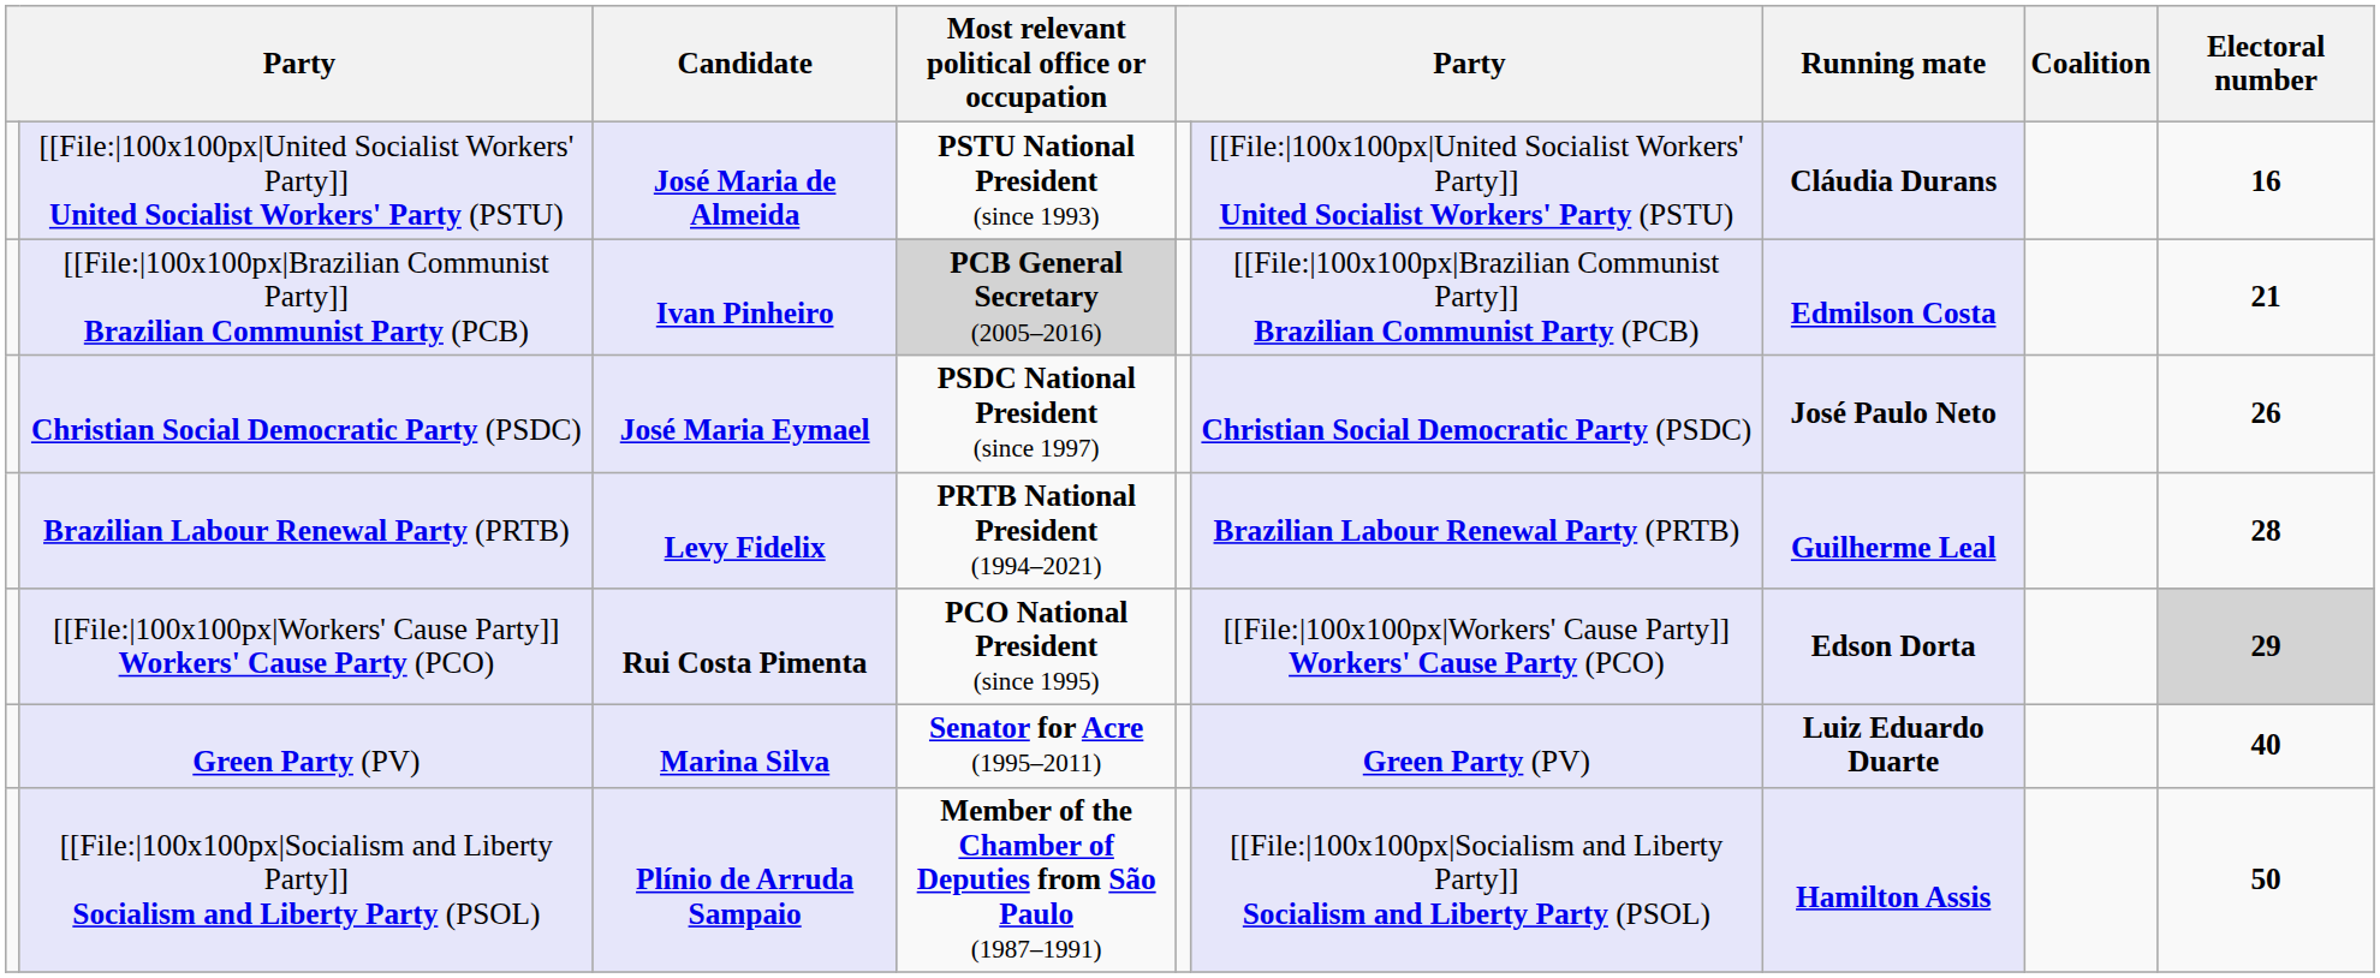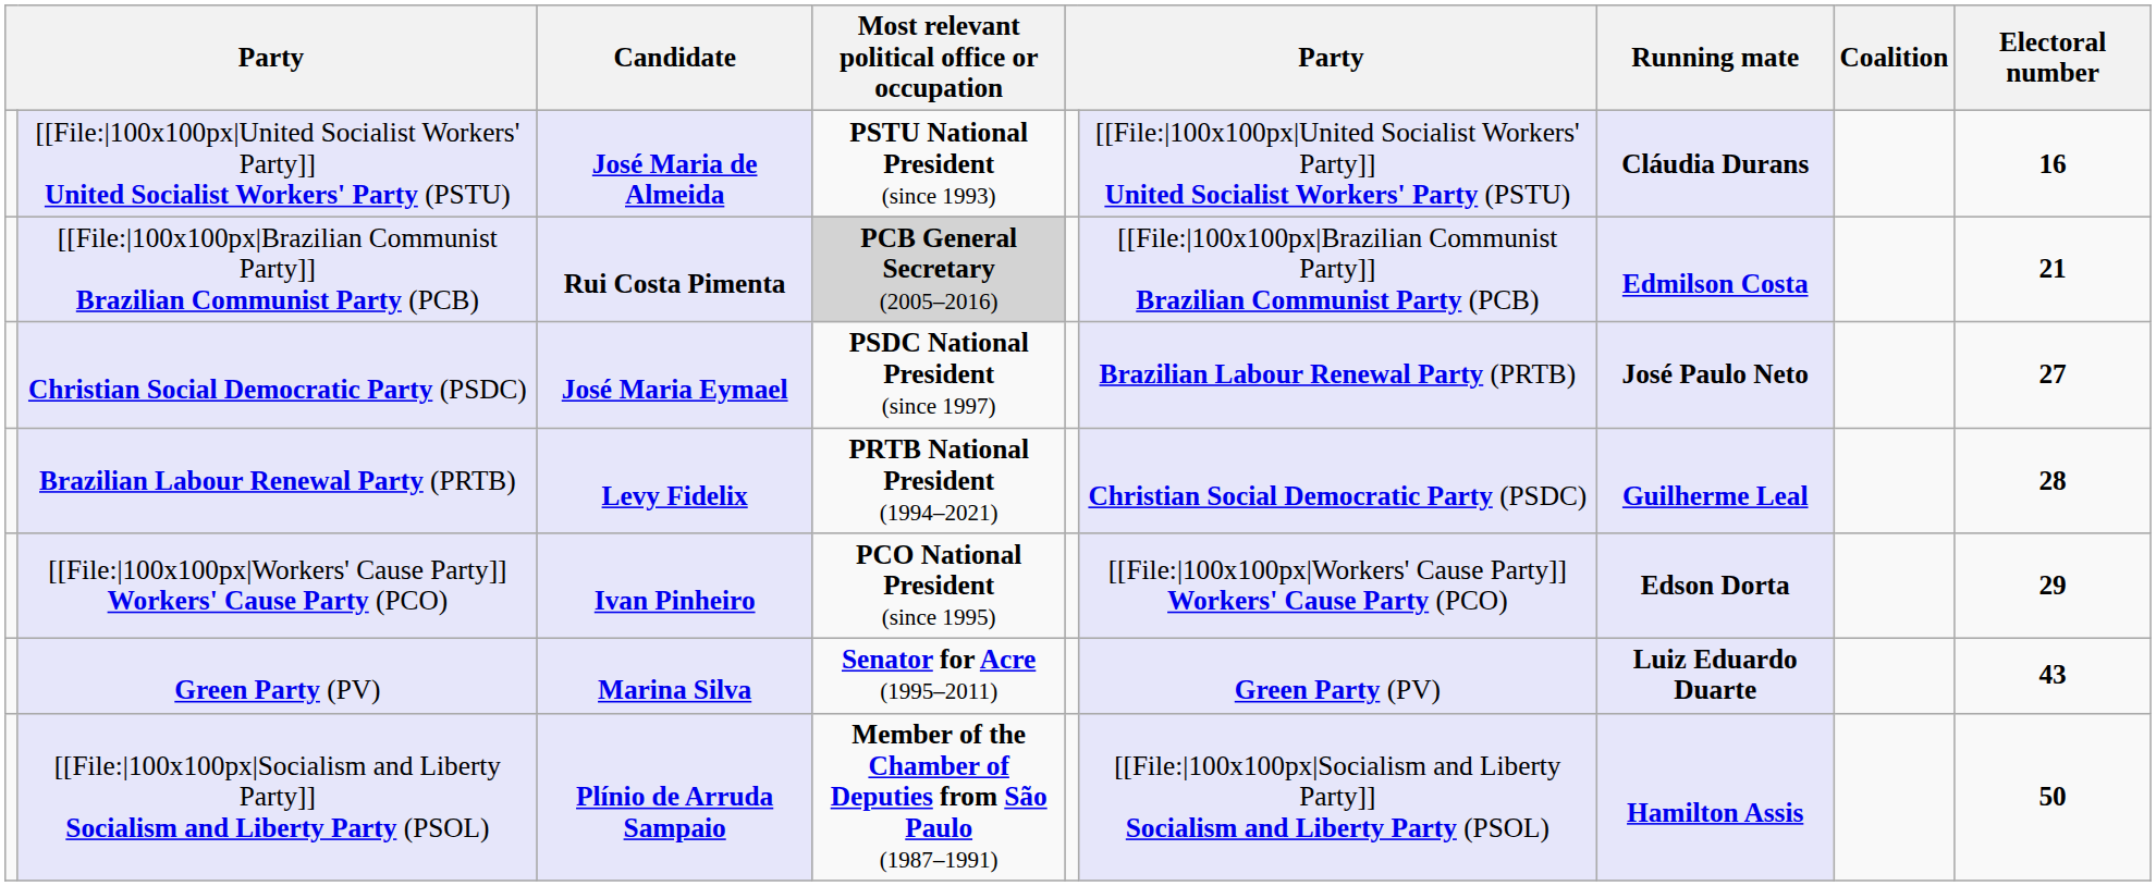 <table class="wikitable" style="text-align:center">
 <tr>
 <th colspan="2">Party</th>
 <th>Candidate</th>
 <th style="max-width:10em">Most relevant political office or occupation</th>
 <th colspan="2">Party</th>
 <th>Running mate</th>
 <th>Coalition</th>
 <th>Electoral number</th>
 </tr>
 <tr>
 <td style="background:"></td>
 <td style="background:lavender;" max-width:150px>[[File:|100x100px|United Socialist Workers' Party]]<br><strong><a href='#'>United Socialist Workers' Party</a></strong> (PSTU)</td>
 <td style="background:lavender;" max-width:150px><br><strong><a href='#'>José Maria de Almeida</a></strong></td>
 <td style="max-width:10em"><strong>PSTU National President</strong><br><small>(since 1993)</small></td>
 <td style="background:"></td>
 <td style="background:lavender;" max-width:150px>[[File:|100x100px|United Socialist Workers' Party]]<br><strong><a href='#'>United Socialist Workers' Party</a></strong> (PSTU)</td>
 <td style="background:lavender;" max-width:150px><strong>Cláudia Durans</strong></td>
 <td></td>
 <td><strong>16</strong></td>
 </tr>
 <tr>
 <td style="background:"></td>
 <td style="background:lavender;" max-width:150px>[[File:|100x100px|Brazilian Communist Party]]<br><strong><a href='#'>Brazilian Communist Party</a></strong> (PCB)</td>
-<td style="background:lavender;" max-width:150px><br><strong><a href='#'>Ivan Pinheiro</a></strong></td>
+<td style="background:lavender;" max-width:150px><br><strong>Rui Costa Pimenta</strong></td>
 <td style="background: lightgrey; max-width:10em"><strong>PCB General Secretary</strong><br><small>(2005–2016)</small></td>
 <td style="background:"></td>
 <td style="background:lavender;" max-width:150px>[[File:|100x100px|Brazilian Communist Party]]<br><strong><a href='#'>Brazilian Communist Party</a></strong> (PCB)</td>
 <td style="background:lavender;" max-width:150px><br><strong><a href='#'>Edmilson Costa</a></strong></td>
 <td></td>
 <td><strong>21</strong></td>
 </tr>
 <tr>
 <td style="background:"></td>
 <td style="background:lavender;" max-width:150px><br><strong><a href='#'>Christian Social Democratic Party</a></strong> (PSDC)</td>
 <td style="background:lavender;" max-width:150px><br><strong><a href='#'>José Maria Eymael</a></strong></td>
 <td style="max-width:10em"><strong>PSDC National President</strong><br><small>(since 1997)</small></td>
 <td style="background:"></td>
-<td style="background:lavender;" max-width:150px><br><strong><a href='#'>Christian Social Democratic Party</a></strong> (PSDC)</td>
+<td style="background:lavender;" max-width:150px><strong><a href='#'>Brazilian Labour Renewal Party</a></strong> (PRTB)</td>
 <td style="background:lavender;" max-width:150px><strong>José Paulo Neto</strong></td>
 <td></td>
-<td><strong>26</strong></td>
+<td><strong>27</strong></td>
 </tr>
 <tr>
 <td style="background:"></td>
 <td style="background:lavender;" max-width:150px><strong><a href='#'>Brazilian Labour Renewal Party</a></strong> (PRTB)</td>
 <td style="background:lavender;" max-width:150px><br><strong><a href='#'>Levy Fidelix</a></strong></td>
 <td style="max-width:10em"><strong>PRTB National President</strong><br><small>(1994–2021)</small></td>
 <td style="background:"></td>
-<td style="background:lavender;" max-width:150px><strong><a href='#'>Brazilian Labour Renewal Party</a></strong> (PRTB)</td>
+<td style="background:lavender;" max-width:150px><br><strong><a href='#'>Christian Social Democratic Party</a></strong> (PSDC)</td>
 <td style="background:lavender;" max-width:150px><br><strong><a href='#'>Guilherme Leal</a></strong></td>
 <td></td>
 <td><strong>28</strong></td>
 </tr>
 <tr>
 <td style="background:"></td>
 <td style="background:lavender;" max-width:150px>[[File:|100x100px|Workers' Cause Party]]<br><strong><a href='#'>Workers' Cause Party</a></strong> (PCO)</td>
-<td style="background:lavender;" max-width:150px><br><strong>Rui Costa Pimenta</strong></td>
+<td style="background:lavender;" max-width:150px><br><strong><a href='#'>Ivan Pinheiro</a></strong></td>
 <td style="max-width:10em"><strong>PCO National President</strong><br><small>(since 1995)</small></td>
 <td style="background:"></td>
 <td style="background:lavender;" max-width:150px>[[File:|100x100px|Workers' Cause Party]]<br><strong><a href='#'>Workers' Cause Party</a></strong> (PCO)</td>
 <td style="background:lavender;" max-width:150px><strong>Edson Dorta</strong></td>
 <td></td>
-<td style="background: lightgrey;"><strong>29</strong></td>
+<td><strong>29</strong></td>
 </tr>
 <tr>
 <td style="background:"></td>
 <td style="background:lavender;" max-width:150px><br><strong><a href='#'>Green Party</a></strong> (PV)</td>
 <td style="background:lavender;" max-width:150px><br><strong><a href='#'>Marina Silva</a></strong></td>
 <td style="max-width:10em"><strong><a href='#'>Senator</a> for <a href='#'>Acre</a></strong><br><small>(1995–2011)</small></td>
 <td style="background:"></td>
 <td style="background:lavender;" max-width:150px><br><strong><a href='#'>Green Party</a></strong> (PV)</td>
 <td style="background:lavender;" max-width:150px><strong>Luiz Eduardo Duarte</strong></td>
 <td></td>
-<td><strong>40</strong></td>
+<td><strong>43</strong></td>
 </tr>
 <tr>
 <td style="background:"></td>
 <td style="background:lavender;" max-width:150px>[[File:|100x100px|Socialism and Liberty Party]]<br><strong><a href='#'>Socialism and Liberty Party</a></strong> (PSOL)</td>
 <td style="background:lavender;" max-width:150px><br><strong><a href='#'>Plínio de Arruda Sampaio</a></strong></td>
 <td style="max-width:10em"><strong>Member of the <a href='#'>Chamber of Deputies</a> from <a href='#'>São Paulo</a></strong><br><small>(1987–1991)</small></td>
 <td style="background:"></td>
 <td style="background:lavender;" max-width:150px>[[File:|100x100px|Socialism and Liberty Party]]<br><strong><a href='#'>Socialism and Liberty Party</a></strong> (PSOL)</td>
 <td style="background:lavender;" max-width:150px><br><strong><a href='#'>Hamilton Assis</a></strong></td>
 <td></td>
 <td><strong>50</strong></td>
 </tr>
 </table>
